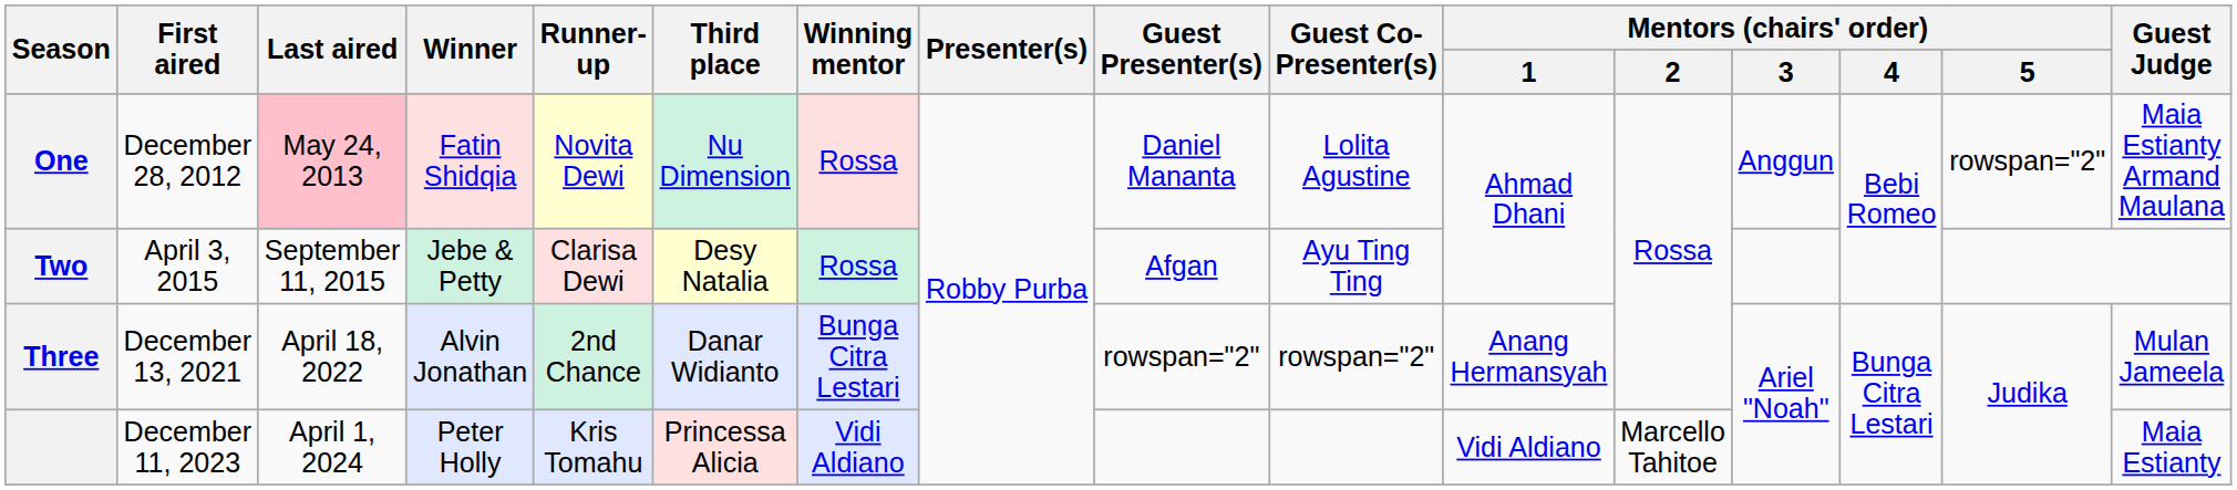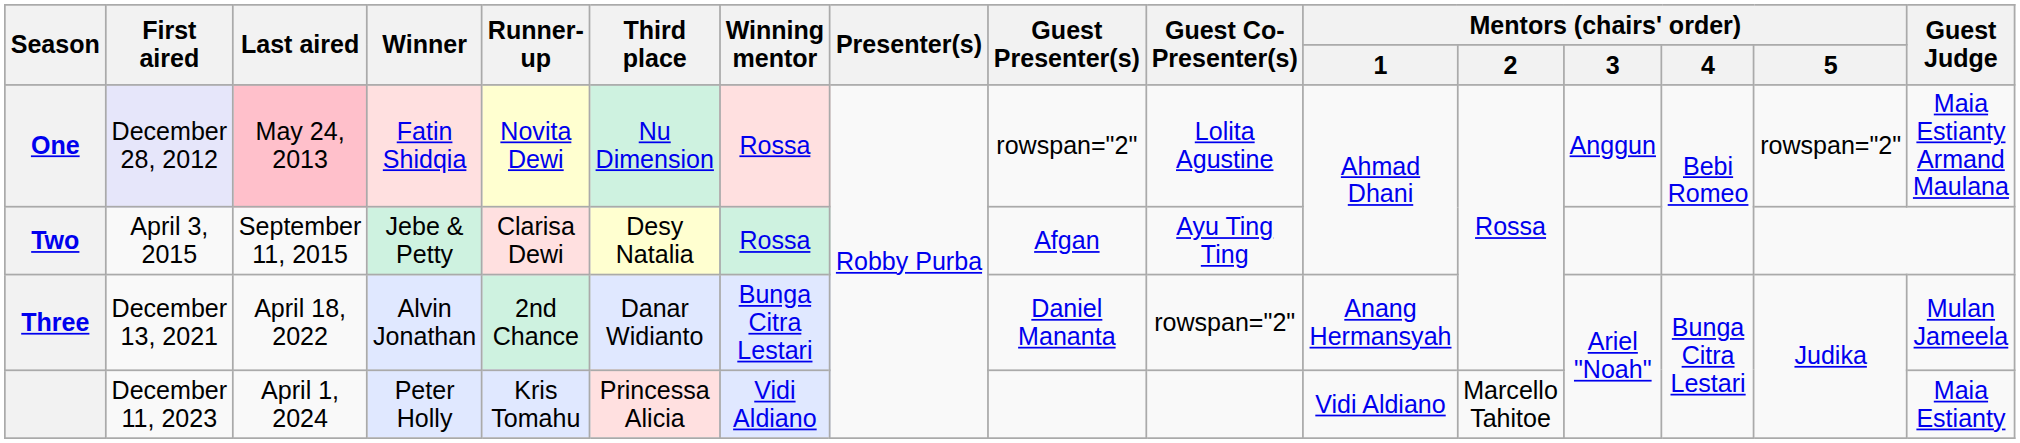 <table class="wikitable" style="text-align:center; font-size:90%; line-height:16px; width:100%">
 <tr>
 <th width="01%" rowspan="2" scope="col">Season</th>
 <th width="08%" rowspan="2" scope="col">First aired</th>
 <th width="08%" rowspan="2" scope="col">Last aired</th>
 <th width="07%" rowspan="2" scope="col">Winner</th>
 <th width="08%" rowspan="2" scope="col">Runner-up</th>
 <th width="08%" rowspan="2" scope="col">Third place</th>
 <th width="07%" rowspan="2" scope="col">Winning mentor</th>
 <th width="07%" rowspan="2" scope="col">Presenter(s)</th>
 <th width="07%" rowspan="2" scope="col">Guest Presenter(s)</th>
 <th width="07%" rowspan="2" scope="col">Guest Co-Presenter(s)</th>
 <th width="24%" scope="row" colspan="5">Mentors (chairs' order)</th>
 <th width="07%" rowspan="2" scope="col">Guest Judge</th>
 </tr>
 <tr>
 <th width="6%">1</th>
 <th width="6%">2</th>
 <th width="6%">3</th>
 <th width="6%">4</th>
 <th width="6%">5</th>
 </tr>
 <tr>
 <th scope="row"><a href='#'>One</a></th>
-<td>December 28, 2012</td>
+<td style="background: lavender;">December 28, 2012</td>
 <td style="background: pink;">May 24, 2013</td>
 <td bgcolor="#FFE0E0"><a href='#'>Fatin Shidqia</a></td>
 <td bgcolor="#FFFFD0"><a href='#'>Novita Dewi</a></td>
 <td bgcolor="#CEF2E0"><a href='#'>Nu Dimension</a></td>
 <td bgcolor="#FFE0E0"><a href='#'>Rossa</a></td>
 <td rowspan="4"><a href='#'>Robby Purba</a></td>
-<td><a href='#'>Daniel Mananta</a></td>
+<td>rowspan="2" </td>
 <td><a href='#'>Lolita Agustine</a></td>
 <td rowspan="2"><a href='#'>Ahmad Dhani</a></td>
 <td rowspan="3"><a href='#'>Rossa</a></td>
 <td><a href='#'>Anggun</a></td>
 <td rowspan="2"><a href='#'>Bebi Romeo</a></td>
 <td>rowspan="2" </td>
 <td><a href='#'>Maia Estianty</a><br><a href='#'>Armand Maulana</a></td>
 </tr>
 <tr>
 <th scope="row"><a href='#'>Two</a></th>
 <td>April 3, 2015</td>
 <td>September 11, 2015</td>
 <td bgcolor="#CEF2E0">Jebe & Petty</td>
 <td bgcolor="#FFE0E0">Clarisa Dewi</td>
 <td bgcolor="#FFFFD0">Desy Natalia</td>
 <td bgcolor="#CEF2E0"><a href='#'>Rossa</a></td>
 <td><a href='#'>Afgan</a></td>
 <td><a href='#'>Ayu Ting Ting</a></td>
 </tr>
 <tr>
 <th scope="row"><a href='#'>Three</a></th>
 <td>December 13, 2021</td>
 <td>April 18, 2022</td>
 <td bgcolor="#E0E8FF">Alvin Jonathan</td>
 <td bgcolor="#CEF2E0">2nd Chance</td>
 <td bgcolor="#E0E8FF">Danar Widianto</td>
 <td bgcolor="#E0E8FF"><a href='#'>Bunga Citra Lestari</a></td>
-<td>rowspan="2" </td>
+<td><a href='#'>Daniel Mananta</a></td>
 <td>rowspan="2" </td>
 <td><a href='#'>Anang Hermansyah</a></td>
 <td rowspan="2"><a href='#'>Ariel "Noah"</a></td>
 <td rowspan="2"><a href='#'>Bunga Citra Lestari</a></td>
 <td rowspan="2"><a href='#'>Judika</a></td>
 <td><a href='#'>Mulan Jameela</a></td>
 </tr>
 <tr>
 <th scope="row"></th>
 <td>December 11, 2023</td>
 <td>April 1, 2024</td>
 <td bgcolor="#E0E8FF">Peter Holly</td>
 <td bgcolor="#E0E8FF">Kris Tomahu</td>
 <td bgcolor="#FFE0E0">Princessa Alicia</td>
 <td bgcolor="#E0E8FF"><a href='#'>Vidi Aldiano</a></td>
 <td></td>
 <td></td>
 <td><a href='#'>Vidi Aldiano</a></td>
 <td>Marcello Tahitoe</td>
 <td><a href='#'>Maia Estianty</a></td>
 </tr>
 </table>
